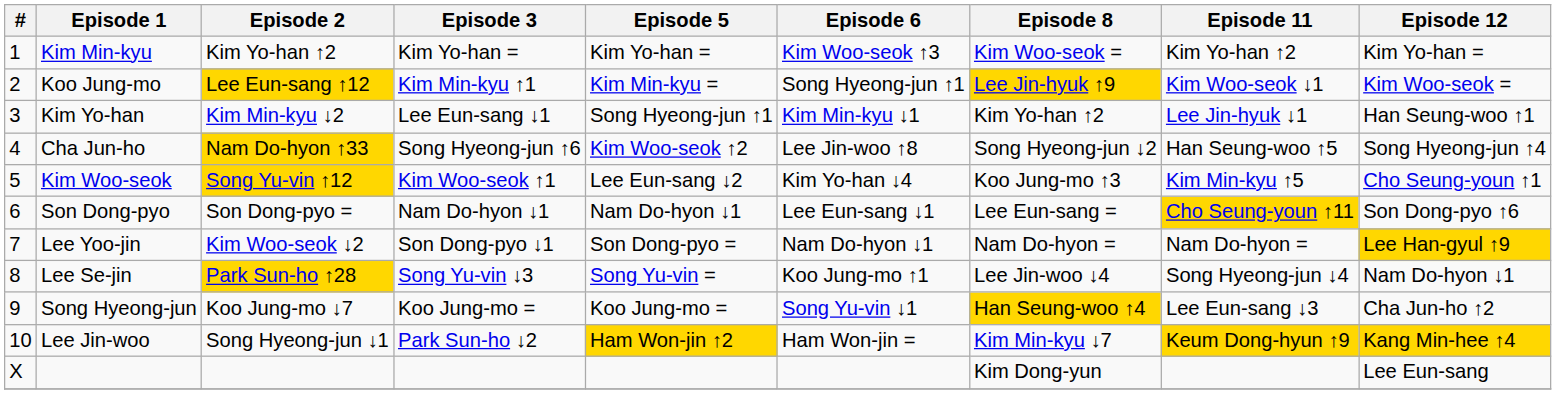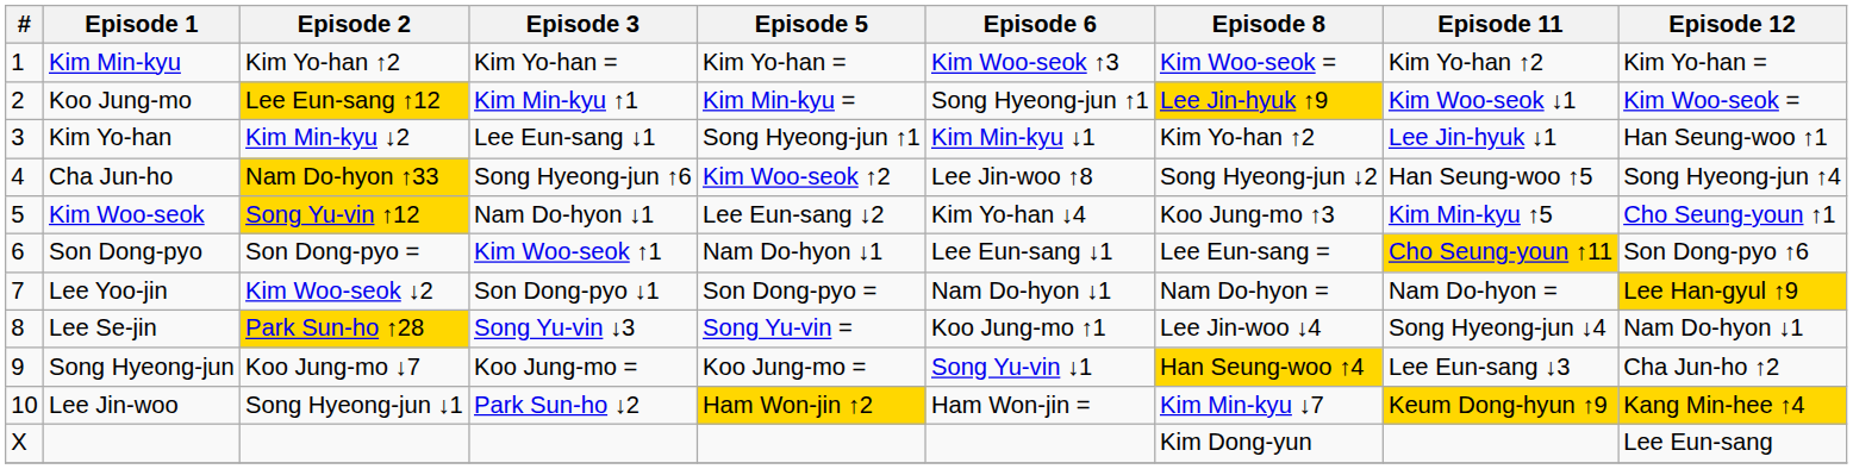 <table class="wikitable">
 <tr>
 <th>#</th>
 <th>Episode 1</th>
 <th>Episode 2</th>
 <th>Episode 3</th>
 <th>Episode 5</th>
 <th>Episode 6</th>
 <th>Episode 8</th>
 <th>Episode 11</th>
 <th>Episode 12</th>
 </tr>
 <tr>
 <td>1</td>
 <td><a href='#'>Kim Min-kyu</a></td>
 <td>Kim Yo-han ↑2</td>
 <td>Kim Yo-han =</td>
 <td>Kim Yo-han =</td>
 <td><a href='#'>Kim Woo-seok</a> ↑3</td>
 <td><a href='#'>Kim Woo-seok</a> =</td>
 <td>Kim Yo-han ↑2</td>
 <td>Kim Yo-han =</td>
 </tr>
 <tr>
 <td>2</td>
 <td>Koo Jung-mo</td>
 <td style="background:gold">Lee Eun-sang ↑12</td>
 <td><a href='#'>Kim Min-kyu</a> ↑1</td>
 <td><a href='#'>Kim Min-kyu</a> =</td>
 <td>Song Hyeong-jun ↑1</td>
 <td style="background:gold"><a href='#'>Lee Jin-hyuk</a> ↑9</td>
 <td><a href='#'>Kim Woo-seok</a> ↓1</td>
 <td><a href='#'>Kim Woo-seok</a> =</td>
 </tr>
 <tr>
 <td>3</td>
 <td>Kim Yo-han</td>
 <td><a href='#'>Kim Min-kyu</a> ↓2</td>
 <td>Lee Eun-sang ↓1</td>
 <td>Song Hyeong-jun ↑1</td>
 <td><a href='#'>Kim Min-kyu</a> ↓1</td>
 <td>Kim Yo-han ↑2</td>
 <td><a href='#'>Lee Jin-hyuk</a> ↓1</td>
 <td>Han Seung-woo ↑1</td>
 </tr>
 <tr>
 <td>4</td>
 <td>Cha Jun-ho</td>
 <td style="background:gold">Nam Do-hyon ↑33</td>
 <td>Song Hyeong-jun ↑6</td>
 <td><a href='#'>Kim Woo-seok</a> ↑2</td>
 <td>Lee Jin-woo ↑8</td>
 <td>Song Hyeong-jun ↓2</td>
 <td>Han Seung-woo ↑5</td>
 <td>Song Hyeong-jun ↑4</td>
 </tr>
 <tr>
 <td>5</td>
 <td><a href='#'>Kim Woo-seok</a></td>
 <td style="background:gold"><a href='#'>Song Yu-vin</a> ↑12</td>
-<td><a href='#'>Kim Woo-seok</a> ↑1</td>
+<td>Nam Do-hyon ↓1</td>
 <td>Lee Eun-sang ↓2</td>
 <td>Kim Yo-han ↓4</td>
 <td>Koo Jung-mo ↑3</td>
 <td><a href='#'>Kim Min-kyu</a> ↑5</td>
 <td><a href='#'>Cho Seung-youn</a> ↑1</td>
 </tr>
 <tr>
 <td>6</td>
 <td>Son Dong-pyo</td>
 <td>Son Dong-pyo =</td>
-<td>Nam Do-hyon ↓1</td>
+<td><a href='#'>Kim Woo-seok</a> ↑1</td>
 <td>Nam Do-hyon ↓1</td>
 <td>Lee Eun-sang ↓1</td>
 <td>Lee Eun-sang =</td>
 <td style="background:gold"><a href='#'>Cho Seung-youn</a> ↑11</td>
 <td>Son Dong-pyo ↑6</td>
 </tr>
 <tr>
 <td>7</td>
 <td>Lee Yoo-jin</td>
 <td><a href='#'>Kim Woo-seok</a> ↓2</td>
 <td>Son Dong-pyo ↓1</td>
 <td>Son Dong-pyo =</td>
 <td>Nam Do-hyon ↓1</td>
 <td>Nam Do-hyon =</td>
 <td>Nam Do-hyon =</td>
 <td style="background:gold">Lee Han-gyul ↑9</td>
 </tr>
 <tr>
 <td>8</td>
 <td>Lee Se-jin</td>
 <td style="background:gold"><a href='#'>Park Sun-ho</a> ↑28</td>
 <td><a href='#'>Song Yu-vin</a> ↓3</td>
 <td><a href='#'>Song Yu-vin</a> =</td>
 <td>Koo Jung-mo ↑1</td>
 <td>Lee Jin-woo ↓4</td>
 <td>Song Hyeong-jun ↓4</td>
 <td>Nam Do-hyon ↓1</td>
 </tr>
 <tr>
 <td>9</td>
 <td>Song Hyeong-jun</td>
 <td>Koo Jung-mo ↓7</td>
 <td>Koo Jung-mo =</td>
 <td>Koo Jung-mo =</td>
 <td><a href='#'>Song Yu-vin</a> ↓1</td>
 <td style="background:gold">Han Seung-woo ↑4</td>
 <td>Lee Eun-sang ↓3</td>
 <td>Cha Jun-ho ↑2</td>
 </tr>
 <tr>
 <td>10</td>
 <td>Lee Jin-woo</td>
 <td>Song Hyeong-jun ↓1</td>
 <td><a href='#'>Park Sun-ho</a> ↓2</td>
 <td style="background:gold">Ham Won-jin ↑2</td>
 <td>Ham Won-jin =</td>
 <td><a href='#'>Kim Min-kyu</a> ↓7</td>
 <td style="background:gold">Keum Dong-hyun ↑9</td>
 <td style="background:gold">Kang Min-hee ↑4</td>
 </tr>
 <tr>
 <td>X</td>
 <td></td>
 <td></td>
 <td></td>
 <td></td>
 <td></td>
 <td>Kim Dong-yun</td>
 <td></td>
 <td>Lee Eun-sang</td>
 </tr>
 <tr>
 </tr>
 </table>
